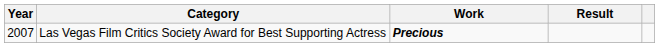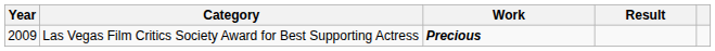 <table class="wikitable">
 <tr>
 <th scope="col" style="width:1em;">Year</th>
 <th scope="col" style="width:44em;">Category</th>
 <th scope="col" style="width:18em;">Work</th>
 <th scope="col" style="width:10em;">Result</th>
 <th class="unsortable" style="width:1em;"></th>
 </tr>
 <tr>
-<td>2007</td>
+<td>2009</td>
 <td>Las Vegas Film Critics Society Award for Best Supporting Actress</td>
 <td><strong><em>Precious</em></strong></td>
 <td></td>
 <td></td>
 </tr>
 </table>
